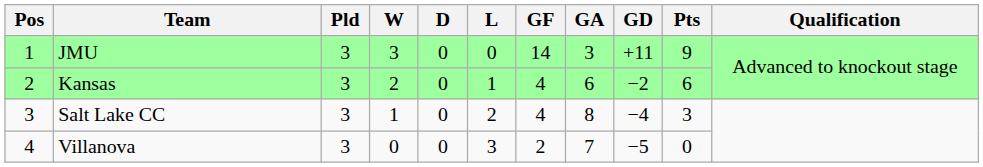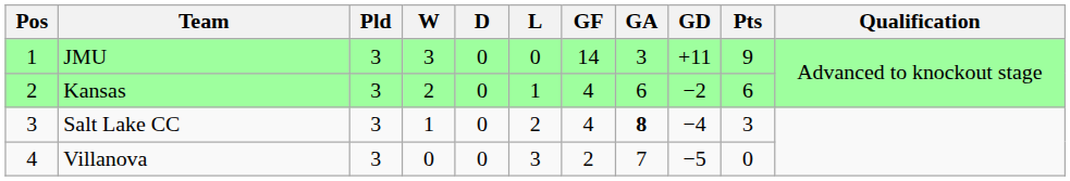 <table class="wikitable" style="text-align:center; margin: 1em auto">
 <tr>
 <th style="width:2em">Pos</th>
 <th style="width:13em">Team</th>
 <th style="width:2em">Pld</th>
 <th style="width:2em">W</th>
 <th style="width:2em">D</th>
 <th style="width:2em">L</th>
 <th style="width:2em">GF</th>
 <th style="width:2em">GA</th>
 <th style="width:2em">GD</th>
 <th style="width:2em">Pts</th>
 <th style="width:13em">Qualification</th>
 </tr>
 <tr bgcolor="#9eff9e">
 <td>1</td>
 <td style="text-align:left">JMU</td>
 <td>3</td>
 <td>3</td>
 <td>0</td>
 <td>0</td>
 <td>14</td>
 <td>3</td>
 <td>+11</td>
 <td>9</td>
 <td rowspan="2">Advanced to knockout stage</td>
 </tr>
 <tr bgcolor="#9eff9e">
 <td>2</td>
 <td style="text-align:left">Kansas</td>
 <td>3</td>
 <td>2</td>
 <td>0</td>
 <td>1</td>
 <td>4</td>
 <td>6</td>
 <td>−2</td>
 <td>6</td>
 </tr>
 <tr>
 <td>3</td>
 <td style="text-align:left">Salt Lake CC</td>
 <td>3</td>
 <td>1</td>
 <td>0</td>
 <td>2</td>
 <td>4</td>
-<td>8</td>
+<td><strong>8</strong></td>
 <td>−4</td>
 <td>3</td>
 </tr>
 <tr>
 <td>4</td>
 <td style="text-align:left">Villanova</td>
 <td>3</td>
 <td>0</td>
 <td>0</td>
 <td>3</td>
 <td>2</td>
 <td>7</td>
 <td>−5</td>
 <td>0</td>
 </tr>
 </table>
